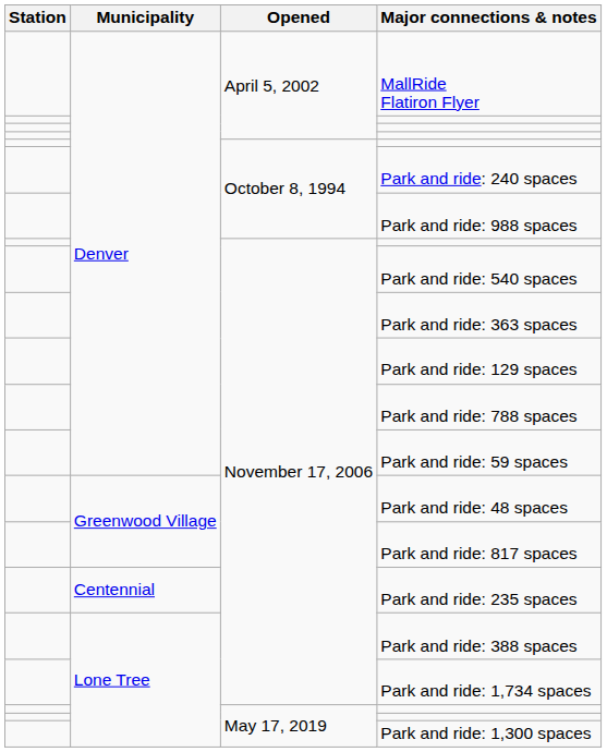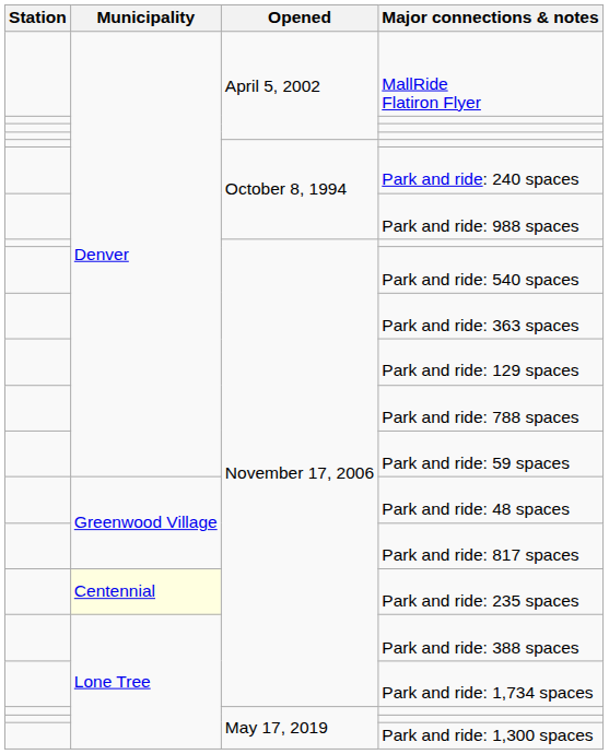 <table class="wikitable">
 <tr>
 <th>Station</th>
 <th>Municipality</th>
 <th>Opened</th>
 <th>Major connections & notes</th>
 </tr>
 <tr>
 <td></td>
 <td rowspan="13"><a href='#'>Denver</a></td>
 <td rowspan="4">April 5, 2002</td>
 <td> <br><br> <a href='#'>MallRide</a><br> <a href='#'>Flatiron Flyer</a></td>
 </tr>
 <tr>
 <td></td>
 <td> </td>
 </tr>
 <tr>
 <td></td>
 <td> </td>
 </tr>
 <tr>
 <td></td>
 <td> </td>
 </tr>
 <tr>
 <td></td>
 <td rowspan="3">October 8, 1994</td>
 <td> </td>
 </tr>
 <tr>
 <td></td>
 <td> <br><a href='#'>Park and ride</a>: 240 spaces</td>
 </tr>
 <tr>
 <td></td>
 <td> <br>Park and ride: 988 spaces</td>
 </tr>
 <tr>
 <td></td>
 <td rowspan="11">November 17, 2006</td>
 <td> </td>
 </tr>
 <tr>
 <td></td>
 <td> <br>Park and ride: 540 spaces</td>
 </tr>
 <tr>
 <td></td>
 <td> <br>Park and ride: 363 spaces</td>
 </tr>
 <tr>
 <td></td>
 <td> <br>Park and ride: 129 spaces</td>
 </tr>
 <tr>
 <td></td>
 <td> <br>Park and ride: 788 spaces</td>
 </tr>
 <tr>
 <td></td>
 <td> <br>Park and ride: 59 spaces</td>
 </tr>
 <tr>
 <td></td>
 <td rowspan="2"><a href='#'>Greenwood Village</a></td>
 <td> <br>Park and ride: 48 spaces</td>
 </tr>
 <tr>
 <td></td>
 <td> <br>Park and ride: 817 spaces</td>
 </tr>
 <tr>
 <td></td>
-<td><a href='#'>Centennial</a></td>
+<td style="background: lightyellow;"><a href='#'>Centennial</a></td>
 <td> <br>Park and ride: 235 spaces</td>
 </tr>
 <tr>
 <td></td>
 <td rowspan="5"><a href='#'>Lone Tree</a></td>
 <td> <br>Park and ride: 388 spaces</td>
 </tr>
 <tr>
 <td></td>
 <td> <br>Park and ride: 1,734 spaces</td>
 </tr>
 <tr>
 <td></td>
 <td rowspan="3">May 17, 2019</td>
 <td></td>
 </tr>
 <tr>
 <td></td>
 <td></td>
 </tr>
 <tr>
 <td></td>
 <td>Park and ride: 1,300 spaces</td>
 </tr>
 </table>
